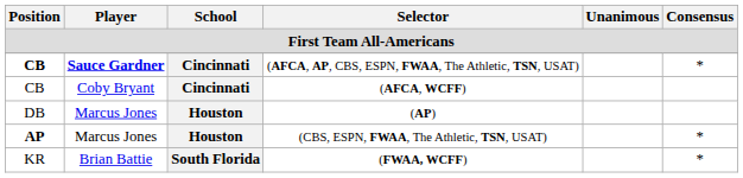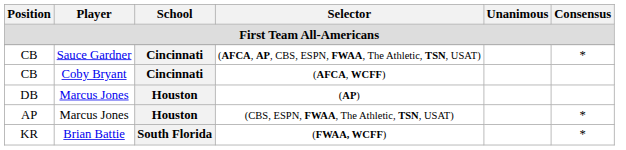 <table class="wikitable">
 <tr>
 <th>Position</th>
 <th>Player</th>
 <th>School</th>
 <th>Selector</th>
 <th>Unanimous</th>
 <th>Consensus</th>
 </tr>
 <tr>
 <td colspan="6" style="text-align:center; background:#ddd;"><strong>First Team All-Americans</strong></td>
 </tr>
 <tr style="text-align:center;">
 </tr>
 <tr style="text-align:center;">
-<td style="background:white"><strong>CB</strong></td>
-<td style="background:white"><strong><a href='#'>Sauce Gardner</a></strong></td>
+<td style="background:white">CB</td>
+<td style="background:white"><a href='#'>Sauce Gardner</a></td>
 <th style=>Cincinnati</th>
 <td style="background:white"><small>(<strong>AFCA</strong>, <strong>AP</strong>, CBS, ESPN, <strong>FWAA</strong>, The Athletic, <strong>TSN</strong>, USAT)</small></td>
 <td style="background:white"></td>
 <td style="background:white">*</td>
 </tr>
 <tr style="text-align:center;">
 <td style="background:white">CB</td>
 <td style="background:white"><a href='#'>Coby Bryant</a></td>
 <th style=>Cincinnati</th>
 <td style="background:white"><small>(<strong>AFCA</strong>, <strong>WCFF</strong>)</small></td>
 <td style="background:white"></td>
 <td style="background:white"></td>
 </tr>
 <tr style="text-align:center;">
 <td style="background:white">DB</td>
 <td style="background:white"><a href='#'>Marcus Jones</a></td>
 <th style=>Houston</th>
 <td style="background:white"><small>(<strong>AP</strong>)</small></td>
 <td style="background:white"></td>
 <td style="background:white"></td>
 </tr>
 <tr style="text-align:center;">
-<td style="background:white"><strong>AP</strong></td>
+<td style="background:white">AP</td>
 <td style="background:white">Marcus Jones</td>
 <th style=>Houston</th>
 <td style="background:white"><small>(CBS, ESPN, <strong>FWAA</strong>, The Athletic, <strong>TSN</strong>, USAT)</small></td>
 <td style="background:white"></td>
 <td style="background:white">*</td>
 </tr>
 <tr style="text-align:center;">
 <td style="background:white">KR</td>
 <td style="background:white"><a href='#'>Brian Battie</a></td>
 <th style=>South Florida</th>
 <td style="background:white"><small>(<strong>FWAA, WCFF</strong>)</small></td>
 <td style="background:white"></td>
 <td style="background:white">*</td>
 </tr>
 </table>
